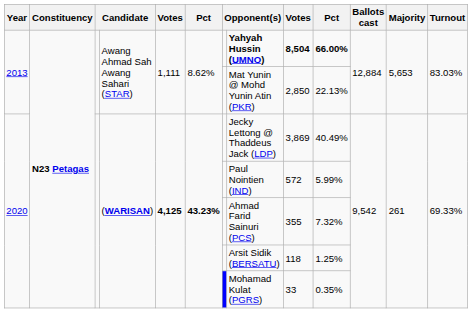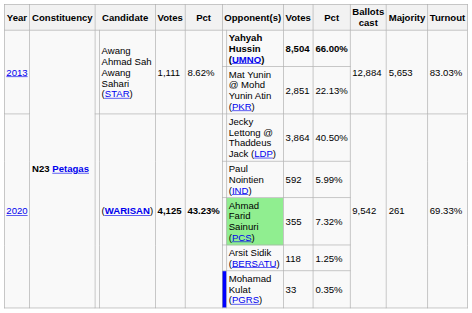 <table class="wikitable" style="margin:0.5em ; font-size:95%">
 <tr>
 <th>Year</th>
 <th>Constituency</th>
 <th colspan=2>Candidate</th>
 <th>Votes</th>
 <th>Pct</th>
 <th colspan=2>Opponent(s)</th>
 <th>Votes</th>
 <th>Pct</th>
 <th>Ballots cast</th>
 <th>Majority</th>
 <th>Turnout</th>
 </tr>
 <tr>
 <td rowspan="2"><a href='#'>2013</a></td>
 <td rowspan="7"><strong>N23 <a href='#'>Petagas</a></strong></td>
 <td rowspan="2"></td>
 <td rowspan="2">Awang Ahmad Sah Awang Sahari (<a href='#'>STAR</a>)</td>
 <td rowspan="2">1,111</td>
 <td rowspan="2">8.62%</td>
 <td></td>
 <td><strong>Yahyah Hussin (<a href='#'>UMNO</a>)</strong></td>
 <td><strong>8,504</strong></td>
 <td><strong>66.00%</strong></td>
 <td rowspan="2">12,884</td>
 <td rowspan="2">5,653</td>
 <td rowspan="2">83.03%</td>
 </tr>
 <tr>
 <td></td>
 <td>Mat Yunin @ Mohd Yunin Atin (<a href='#'>PKR</a>)</td>
-<td>2,850</td>
+<td>2,851</td>
 <td>22.13%</td>
 </tr>
 <tr>
 <td rowspan="5"><a href='#'>2020</a></td>
 <td rowspan="5" ></td>
 <td rowspan="5"> (<a href='#'><strong>WARISAN</strong></a>)</td>
 <td rowspan="5"><strong>4,125</strong></td>
 <td rowspan="5"><strong>43.23%</strong></td>
 <td></td>
 <td>Jecky Lettong @ Thaddeus Jack (<a href='#'>LDP</a>)</td>
-<td>3,869</td>
-<td>40.49%</td>
+<td>3,864</td>
+<td>40.50%</td>
 <td rowspan="5">9,542</td>
 <td rowspan="5">261</td>
 <td rowspan="5">69.33%</td>
 </tr>
 <tr>
 <td></td>
 <td>Paul Nointien (<a href='#'>IND</a>)</td>
-<td>572</td>
+<td>592</td>
 <td>5.99%</td>
 </tr>
 <tr>
 <td></td>
-<td>Ahmad Farid Sainuri (<a href='#'>PCS</a>)</td>
+<td style="background: lightgreen;">Ahmad Farid Sainuri (<a href='#'>PCS</a>)</td>
 <td>355</td>
 <td>7.32%</td>
 </tr>
 <tr>
 <td></td>
 <td>Arsit Sidik (<a href='#'>BERSATU</a>)</td>
 <td>118</td>
 <td>1.25%</td>
 </tr>
 <tr>
 <td bgcolor="blue"></td>
 <td>Mohamad Kulat (<a href='#'>PGRS</a>)</td>
 <td>33</td>
 <td>0.35%</td>
 </tr>
 </table>
